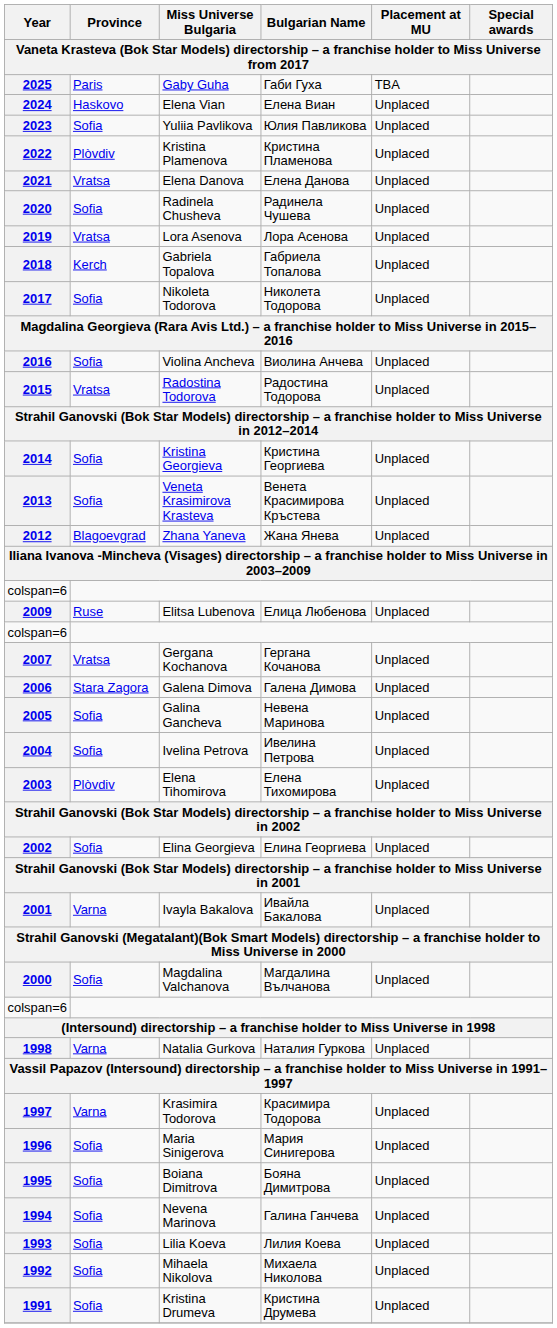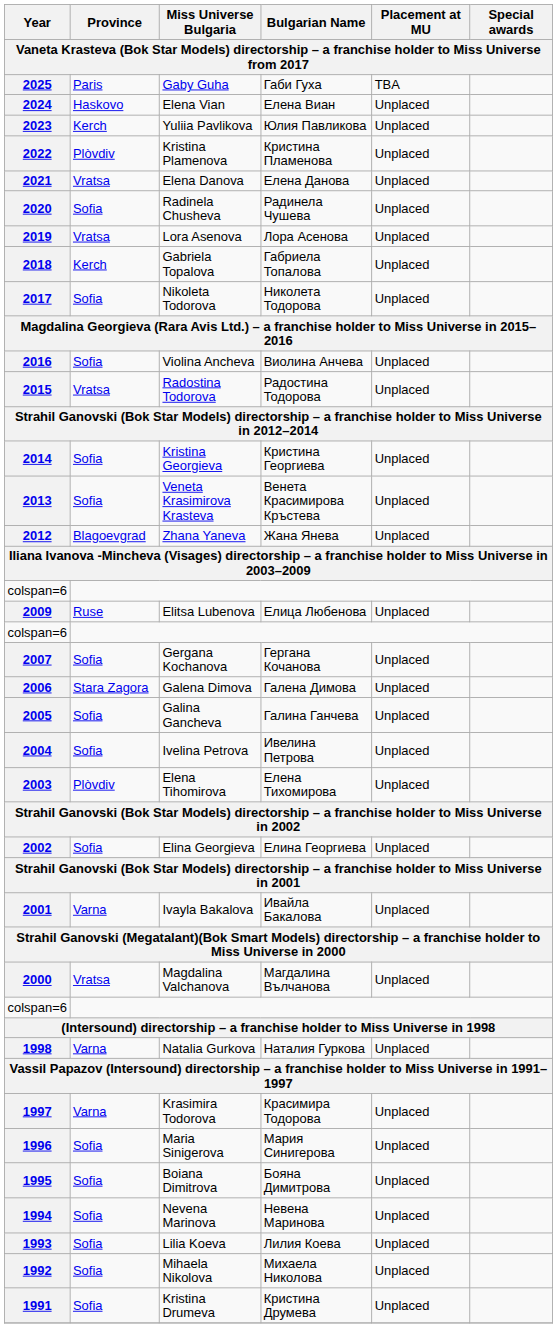 <table class="wikitable " style="font-size: 90%;">
 <tr>
 <th width="60">Year</th>
 <th width="150">Province</th>
 <th width="250">Miss Universe Bulgaria</th>
 <th width="250">Bulgarian Name</th>
 <th width="250">Placement at MU</th>
 <th width="250">Special awards</th>
 </tr>
 <tr>
 <th colspan="6">Vaneta Krasteva (Bok Star Models) directorship – a franchise holder to Miss Universe from 2017</th>
 </tr>
 <tr>
 <th><a href='#'>2025</a></th>
 <td><a href='#'>Paris</a></td>
 <td><a href='#'>Gaby Guha</a></td>
 <td>Габи Гуха</td>
 <td>TBA</td>
 <td></td>
 </tr>
 <tr>
 <th><a href='#'>2024</a></th>
 <td><a href='#'>Haskovo</a></td>
 <td>Elena Vian</td>
 <td>Елена Виан</td>
 <td>Unplaced</td>
 <td></td>
 </tr>
 <tr>
 <th><a href='#'>2023</a></th>
-<td><a href='#'>Sofia</a></td>
+<td><a href='#'>Kerch</a></td>
 <td>Yuliia Pavlikova</td>
 <td>Юлия Павликова</td>
 <td>Unplaced</td>
 <td></td>
 </tr>
 <tr>
 <th><a href='#'>2022</a></th>
 <td><a href='#'>Plòvdiv</a></td>
 <td>Kristina Plamenova</td>
 <td>Кристина Пламенова</td>
 <td>Unplaced</td>
 <td></td>
 </tr>
 <tr>
 <th><a href='#'>2021</a></th>
 <td><a href='#'>Vratsa</a></td>
 <td>Elena Danova</td>
 <td>Елена Данова</td>
 <td>Unplaced</td>
 <td></td>
 </tr>
 <tr>
 <th><a href='#'>2020</a></th>
 <td><a href='#'>Sofia</a></td>
 <td>Radinela Chusheva</td>
 <td>Радинела Чушева</td>
 <td>Unplaced</td>
 <td></td>
 </tr>
 <tr>
 <th><a href='#'>2019</a></th>
 <td><a href='#'>Vratsa</a></td>
 <td>Lora Asenova</td>
 <td>Лора Асенова</td>
 <td>Unplaced</td>
 <td></td>
 </tr>
 <tr>
 <th><a href='#'>2018</a></th>
 <td><a href='#'>Kerch</a></td>
 <td>Gabriela Topalova</td>
 <td>Габриела Топалова</td>
 <td>Unplaced</td>
 <td></td>
 </tr>
 <tr>
 <th><a href='#'>2017</a></th>
 <td><a href='#'>Sofia</a></td>
 <td>Nikoleta Todorova</td>
 <td>Николета Тодорова</td>
 <td>Unplaced</td>
 <td></td>
 </tr>
 <tr>
 <th colspan="6">Magdalina Georgieva (Rara Avis Ltd.) – a franchise holder to Miss Universe in 2015–2016</th>
 </tr>
 <tr>
 <th><a href='#'>2016</a></th>
 <td><a href='#'>Sofia</a></td>
 <td>Violina Ancheva</td>
 <td>Виолина Анчева</td>
 <td>Unplaced</td>
 <td></td>
 </tr>
 <tr>
 <th><a href='#'>2015</a></th>
 <td><a href='#'>Vratsa</a></td>
 <td><a href='#'>Radostina Todorova</a></td>
 <td>Радостина Тодорова</td>
 <td>Unplaced</td>
 <td></td>
 </tr>
 <tr>
 <th colspan="6">Strahil Ganovski (Bok Star Models) directorship – a franchise holder to Miss Universe in 2012–2014</th>
 </tr>
 <tr>
 <th><a href='#'>2014</a></th>
 <td><a href='#'>Sofia</a></td>
 <td><a href='#'>Kristina Georgieva</a></td>
 <td>Кристина Георгиева</td>
 <td>Unplaced</td>
 <td></td>
 </tr>
 <tr>
 <th><a href='#'>2013</a></th>
 <td><a href='#'>Sofia</a></td>
 <td><a href='#'>Veneta Krasimirova Krasteva</a></td>
 <td>Венета Красимирова Кръстева</td>
 <td>Unplaced</td>
 <td></td>
 </tr>
 <tr>
 <th><a href='#'>2012</a></th>
 <td><a href='#'>Blagoevgrad</a></td>
 <td><a href='#'>Zhana Yaneva</a></td>
 <td>Жана Янева</td>
 <td>Unplaced</td>
 <td></td>
 </tr>
 <tr>
 <th colspan="6">Iliana Ivanova -Mincheva (Visages) directorship – a franchise holder to Miss Universe in 2003–2009</th>
 </tr>
 <tr>
 <td>colspan=6 </td>
 </tr>
 <tr>
 <th><a href='#'>2009</a></th>
 <td><a href='#'>Ruse</a></td>
 <td>Elitsa Lubenova</td>
 <td>Елица Любенова</td>
 <td>Unplaced</td>
 <td></td>
 </tr>
 <tr>
 <td>colspan=6 </td>
 </tr>
 <tr>
 <th><a href='#'>2007</a></th>
-<td><a href='#'>Vratsa</a></td>
+<td><a href='#'>Sofia</a></td>
 <td>Gergana Kochanova</td>
 <td>Гергана Кочанова</td>
 <td>Unplaced</td>
 <td></td>
 </tr>
 <tr>
 <th><a href='#'>2006</a></th>
 <td><a href='#'>Stara Zagora</a></td>
 <td>Galena Dimova</td>
 <td>Галена Димова</td>
 <td>Unplaced</td>
 <td></td>
 </tr>
 <tr>
 <th><a href='#'>2005</a></th>
 <td><a href='#'>Sofia</a></td>
 <td>Galina Gancheva</td>
-<td>Невена Маринова</td>
+<td>Галина Ганчева</td>
 <td>Unplaced</td>
 <td></td>
 </tr>
 <tr>
 <th><a href='#'>2004</a></th>
 <td><a href='#'>Sofia</a></td>
 <td>Ivelina Petrova</td>
 <td>Ивелина Петрова</td>
 <td>Unplaced</td>
 <td></td>
 </tr>
 <tr>
 <th><a href='#'>2003</a></th>
 <td><a href='#'>Plòvdiv</a></td>
 <td>Elena Tihomirova</td>
 <td>Елена Тихомирова</td>
 <td>Unplaced</td>
 <td></td>
 </tr>
 <tr>
 <th colspan="6">Strahil Ganovski (Bok Star Models) directorship – a franchise holder to Miss Universe in 2002</th>
 </tr>
 <tr>
 <th><a href='#'>2002</a></th>
 <td><a href='#'>Sofia</a></td>
 <td>Elina Georgieva</td>
 <td>Елина Георгиева</td>
 <td>Unplaced</td>
 <td></td>
 </tr>
 <tr>
 <th colspan="6">Strahil Ganovski (Bok Star Models) directorship – a franchise holder to Miss Universe in 2001</th>
 </tr>
 <tr>
 <th><a href='#'>2001</a></th>
 <td><a href='#'>Varna</a></td>
 <td>Ivayla Bakalova</td>
 <td>Ивайла Бакалова</td>
 <td>Unplaced</td>
 <td></td>
 </tr>
 <tr>
 <th colspan="6">Strahil Ganovski (Megatalant)(Bok Smart Models) directorship – a franchise holder to Miss Universe in 2000</th>
 </tr>
 <tr>
 <th><a href='#'>2000</a></th>
-<td><a href='#'>Sofia</a></td>
+<td><a href='#'>Vratsa</a></td>
 <td>Magdalina Valchanova</td>
 <td>Магдалина Вълчанова</td>
 <td>Unplaced</td>
 <td></td>
 </tr>
 <tr>
 <td>colspan=6 </td>
 </tr>
 <tr>
 <th colspan="6">(Intersound) directorship – a franchise holder to Miss Universe in 1998</th>
 </tr>
 <tr>
 <th><a href='#'>1998</a></th>
 <td><a href='#'>Varna</a></td>
 <td>Natalia Gurkova</td>
 <td>Наталия Гуркова</td>
 <td>Unplaced</td>
 <td></td>
 </tr>
 <tr>
 <th colspan="6">Vassil Papazov (Intersound) directorship – a franchise holder to Miss Universe in 1991–1997</th>
 </tr>
 <tr>
 <th><a href='#'>1997</a></th>
 <td><a href='#'>Varna</a></td>
 <td>Krasimira Todorova</td>
 <td>Красимира Тодорова</td>
 <td>Unplaced</td>
 <td></td>
 </tr>
 <tr>
 <th><a href='#'>1996</a></th>
 <td><a href='#'>Sofia</a></td>
 <td>Maria Sinigerova</td>
 <td>Мария Синигерова</td>
 <td>Unplaced</td>
 <td></td>
 </tr>
 <tr>
 <th><a href='#'>1995</a></th>
 <td><a href='#'>Sofia</a></td>
 <td>Boiana Dimitrova</td>
 <td>Бояна Димитрова</td>
 <td>Unplaced</td>
 <td></td>
 </tr>
 <tr>
 <th><a href='#'>1994</a></th>
 <td><a href='#'>Sofia</a></td>
 <td>Nevena Marinova</td>
-<td>Галина Ганчева</td>
+<td>Невена Маринова</td>
 <td>Unplaced</td>
 <td></td>
 </tr>
 <tr>
 <th><a href='#'>1993</a></th>
 <td><a href='#'>Sofia</a></td>
 <td>Lilia Koeva</td>
 <td>Лилия Коева</td>
 <td>Unplaced</td>
 <td></td>
 </tr>
 <tr>
 <th><a href='#'>1992</a></th>
 <td><a href='#'>Sofia</a></td>
 <td>Mihaela Nikolova</td>
 <td>Михаела Николова</td>
 <td>Unplaced</td>
 <td></td>
 </tr>
 <tr>
 <th><a href='#'>1991</a></th>
 <td><a href='#'>Sofia</a></td>
 <td>Kristina Drumeva</td>
 <td>Кристина Друмева</td>
 <td>Unplaced</td>
 <td></td>
 </tr>
 <tr>
 </tr>
 </table>
